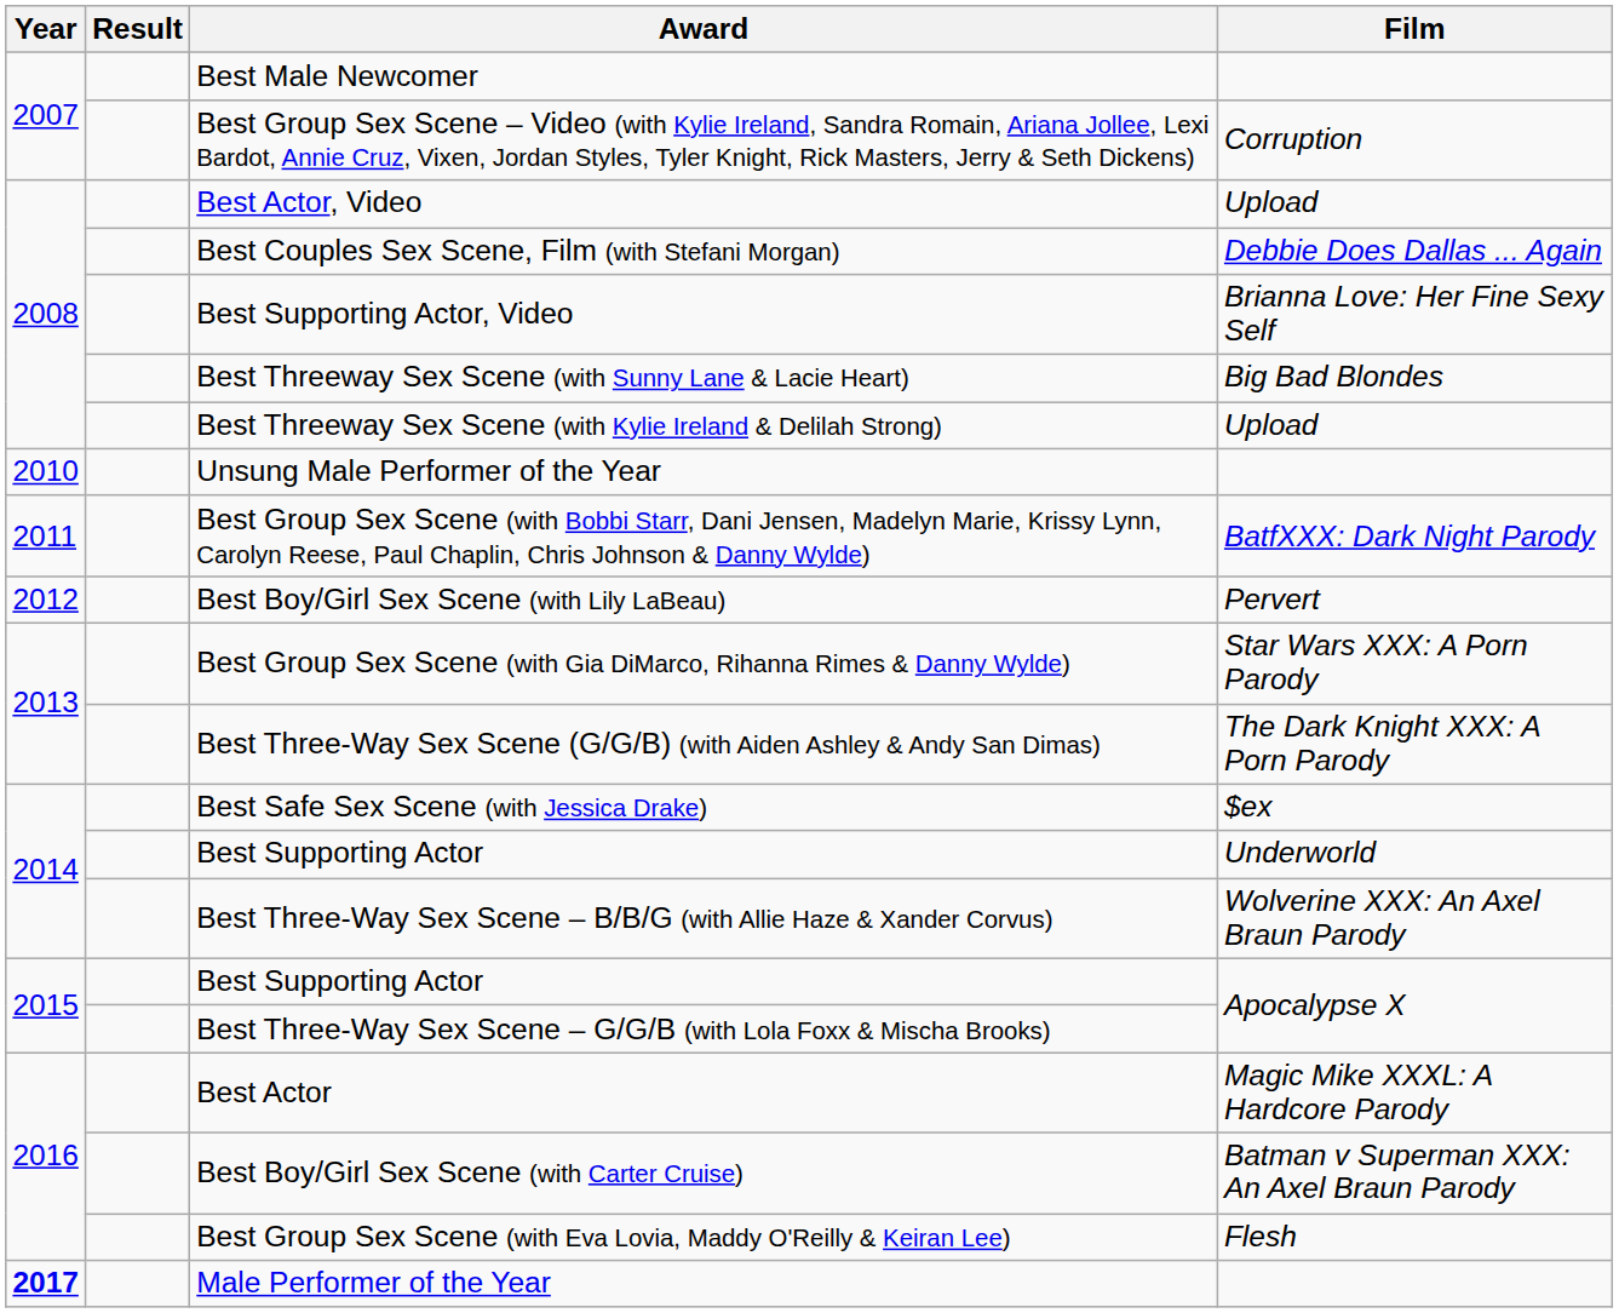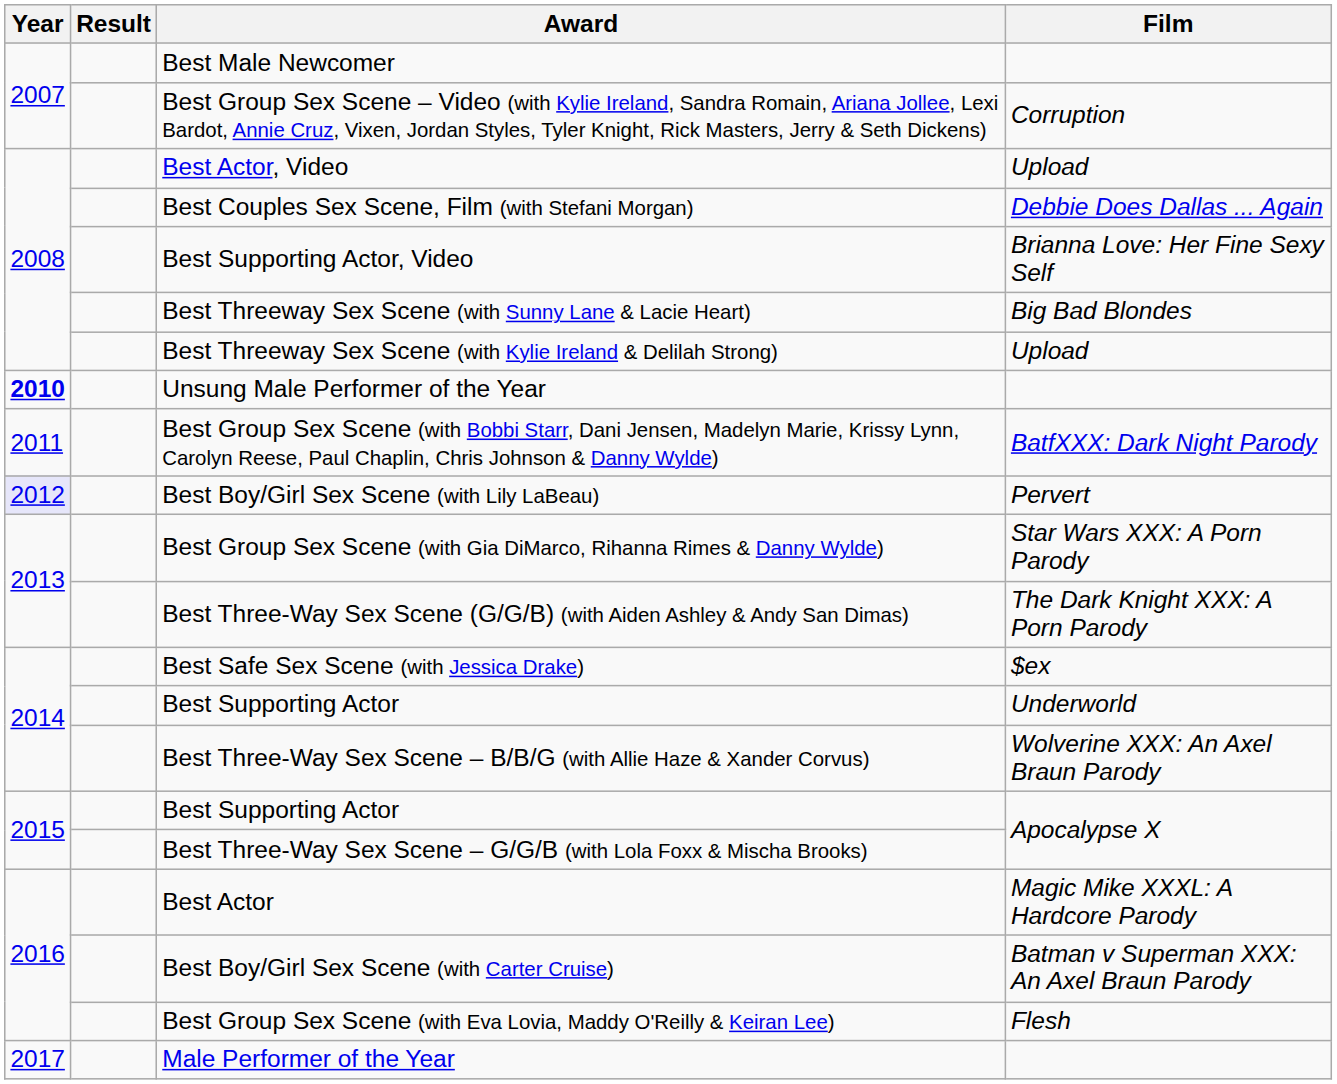 <table class="wikitable">
 <tr>
 <th>Year</th>
 <th>Result</th>
 <th>Award</th>
 <th>Film</th>
 </tr>
 <tr>
 <td rowspan="2"><a href='#'>2007</a></td>
 <td></td>
 <td>Best Male Newcomer</td>
 <td></td>
 </tr>
 <tr>
 <td></td>
 <td>Best Group Sex Scene – Video <small>(with <a href='#'>Kylie Ireland</a>, Sandra Romain, <a href='#'>Ariana Jollee</a>, Lexi Bardot, <a href='#'>Annie Cruz</a>, Vixen, Jordan Styles, Tyler Knight, Rick Masters, Jerry & Seth Dickens)</small></td>
 <td><em>Corruption</em></td>
 </tr>
 <tr>
 <td rowspan="5"><a href='#'>2008</a></td>
 <td></td>
 <td><a href='#'>Best Actor</a>, Video</td>
 <td><em>Upload</em></td>
 </tr>
 <tr>
 <td></td>
 <td>Best Couples Sex Scene, Film <small>(with Stefani Morgan)</small></td>
 <td><em><a href='#'>Debbie Does Dallas ... Again</a></em></td>
 </tr>
 <tr>
 <td></td>
 <td>Best Supporting Actor, Video</td>
 <td><em>Brianna Love: Her Fine Sexy Self</em></td>
 </tr>
 <tr>
 <td></td>
 <td>Best Threeway Sex Scene <small>(with <a href='#'>Sunny Lane</a> & Lacie Heart)</small></td>
 <td><em>Big Bad Blondes</em></td>
 </tr>
 <tr>
 <td></td>
 <td>Best Threeway Sex Scene <small>(with <a href='#'>Kylie Ireland</a> & Delilah Strong)</small></td>
 <td><em>Upload</em></td>
 </tr>
 <tr>
-<td><a href='#'>2010</a></td>
+<td><strong><a href='#'>2010</a></strong></td>
 <td></td>
 <td>Unsung Male Performer of the Year</td>
 <td></td>
 </tr>
 <tr>
 <td><a href='#'>2011</a></td>
 <td></td>
 <td>Best Group Sex Scene <small>(with <a href='#'>Bobbi Starr</a>, Dani Jensen, Madelyn Marie, Krissy Lynn, Carolyn Reese, Paul Chaplin, Chris Johnson & <a href='#'>Danny Wylde</a>)</small></td>
 <td><em><a href='#'>BatfXXX: Dark Night Parody</a></em></td>
 </tr>
 <tr>
-<td><a href='#'>2012</a></td>
+<td style="background: lavender;"><a href='#'>2012</a></td>
 <td></td>
 <td>Best Boy/Girl Sex Scene <small>(with Lily LaBeau)</small></td>
 <td><em>Pervert</em></td>
 </tr>
 <tr>
 <td rowspan="2"><a href='#'>2013</a></td>
 <td></td>
 <td>Best Group Sex Scene <small>(with Gia DiMarco, Rihanna Rimes & <a href='#'>Danny Wylde</a>)</small></td>
 <td><em>Star Wars XXX: A Porn Parody</em></td>
 </tr>
 <tr>
 <td></td>
 <td>Best Three-Way Sex Scene (G/G/B) <small>(with Aiden Ashley & Andy San Dimas)</small></td>
 <td><em>The Dark Knight XXX: A Porn Parody</em></td>
 </tr>
 <tr>
 <td rowspan="3"><a href='#'>2014</a></td>
 <td></td>
 <td>Best Safe Sex Scene <small>(with <a href='#'>Jessica Drake</a>)</small></td>
 <td><em>$ex</em></td>
 </tr>
 <tr>
 <td></td>
 <td>Best Supporting Actor</td>
 <td><em>Underworld</em></td>
 </tr>
 <tr>
 <td></td>
 <td>Best Three-Way Sex Scene – B/B/G <small>(with Allie Haze & Xander Corvus)</small></td>
 <td><em>Wolverine XXX: An Axel Braun Parody</em></td>
 </tr>
 <tr>
 <td rowspan="2"><a href='#'>2015</a></td>
 <td></td>
 <td>Best Supporting Actor</td>
 <td rowspan="2"><em>Apocalypse X</em></td>
 </tr>
 <tr>
 <td></td>
 <td>Best Three-Way Sex Scene – G/G/B <small>(with Lola Foxx & Mischa Brooks)</small></td>
 </tr>
 <tr>
 <td rowspan="3"><a href='#'>2016</a></td>
 <td></td>
 <td>Best Actor</td>
 <td><em>Magic Mike XXXL: A Hardcore Parody</em></td>
 </tr>
 <tr>
 <td></td>
 <td>Best Boy/Girl Sex Scene <small>(with <a href='#'>Carter Cruise</a>)</small></td>
 <td><em>Batman v Superman XXX: An Axel Braun Parody</em></td>
 </tr>
 <tr>
 <td></td>
 <td>Best Group Sex Scene <small>(with Eva Lovia, Maddy O'Reilly & <a href='#'>Keiran Lee</a>)</small></td>
 <td><em>Flesh</em></td>
 </tr>
 <tr>
-<td><strong><a href='#'>2017</a></strong></td>
+<td><a href='#'>2017</a></td>
 <td></td>
 <td><a href='#'>Male Performer of the Year</a></td>
 <td></td>
 </tr>
 </table>
